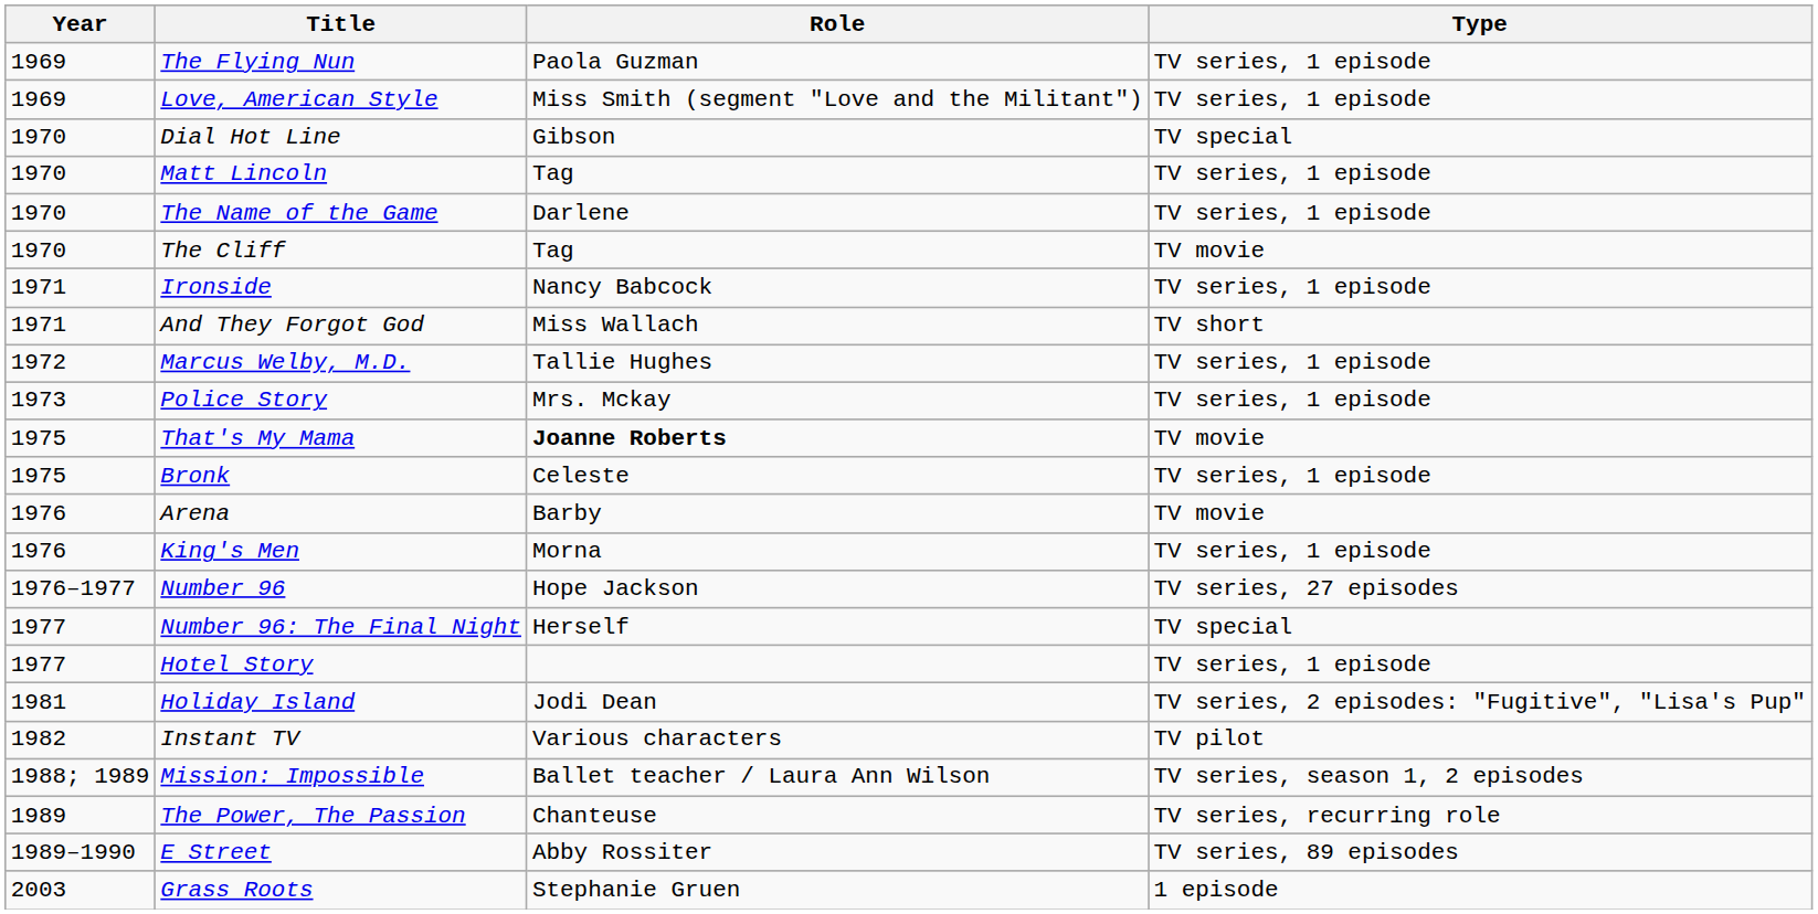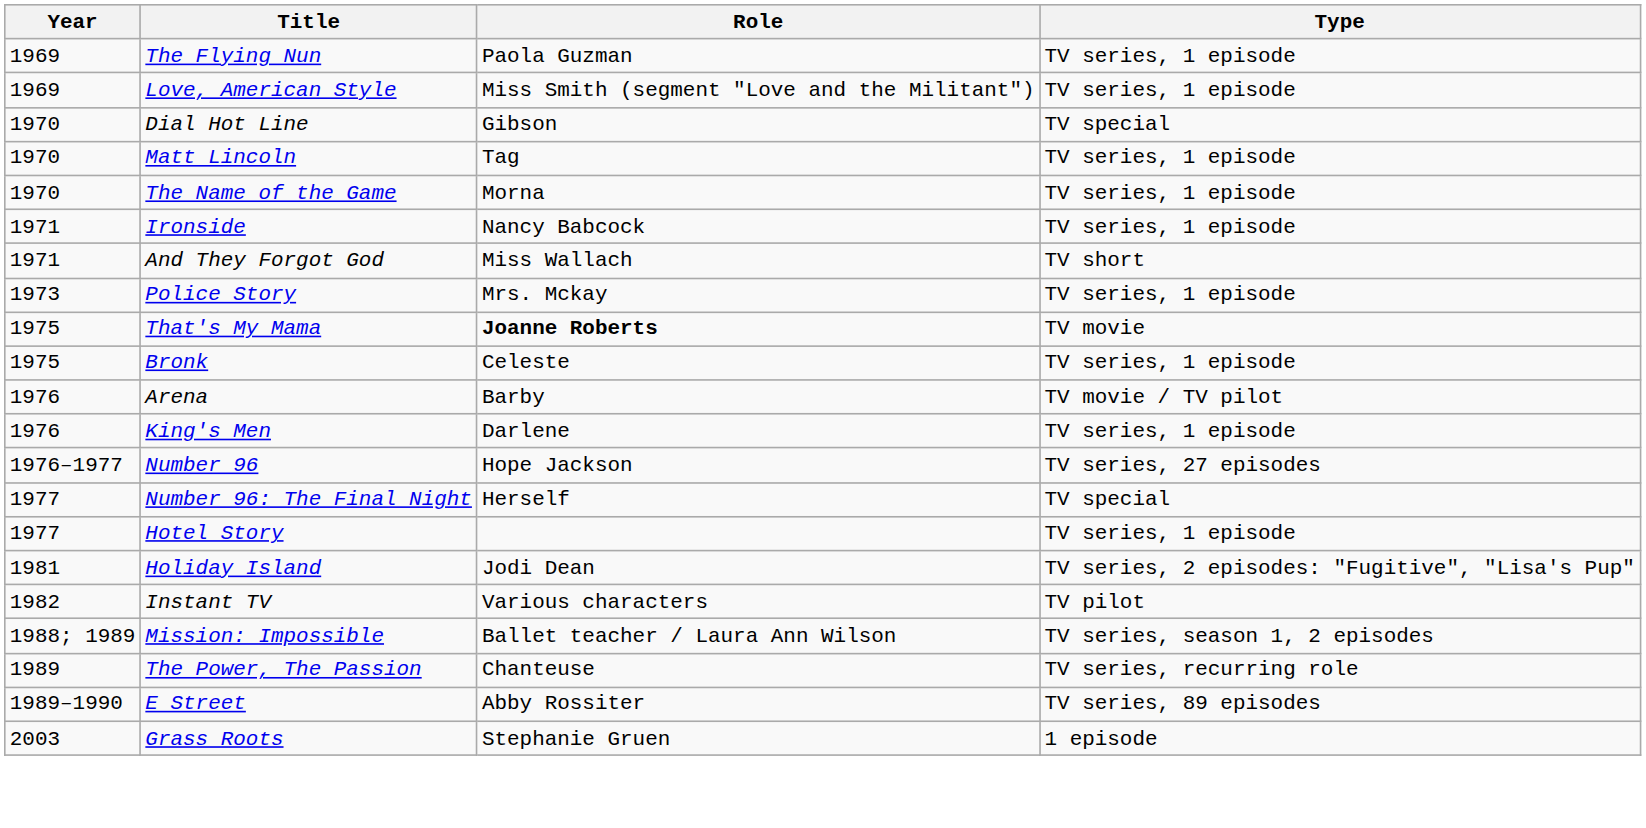 <table class="wikitable">
 <tr>
 <th>Year</th>
 <th>Title</th>
 <th>Role</th>
 <th>Type</th>
 </tr>
 <tr>
 <td>1969</td>
 <td><em><a href='#'>The Flying Nun</a></em></td>
 <td>Paola Guzman</td>
 <td>TV series, 1 episode</td>
 </tr>
 <tr>
 <td>1969</td>
 <td><em><a href='#'>Love, American Style</a></em></td>
 <td>Miss Smith (segment "Love and the Militant")</td>
 <td>TV series, 1 episode</td>
 </tr>
 <tr>
 <td>1970</td>
 <td><em>Dial Hot Line</em></td>
 <td>Gibson</td>
 <td>TV special</td>
 </tr>
 <tr>
 <td>1970</td>
 <td><em><a href='#'>Matt Lincoln</a></em></td>
 <td>Tag</td>
 <td>TV series, 1 episode</td>
 </tr>
 <tr>
 <td>1970</td>
 <td><em><a href='#'>The Name of the Game</a></em></td>
-<td>Darlene</td>
+<td>Morna</td>
 <td>TV series, 1 episode</td>
-</tr>
-<tr>
-<td>1970</td>
-<td><em>The Cliff</em></td>
-<td>Tag</td>
-<td>TV movie</td>
 </tr>
 <tr>
 <td>1971</td>
 <td><em><a href='#'>Ironside</a></em></td>
 <td>Nancy Babcock</td>
 <td>TV series, 1 episode</td>
 </tr>
 <tr>
 <td>1971</td>
 <td><em>And They Forgot God</em></td>
 <td>Miss Wallach</td>
 <td>TV short</td>
-</tr>
-<tr>
-<td>1972</td>
-<td><em><a href='#'>Marcus Welby, M.D.</a></em></td>
-<td>Tallie Hughes</td>
-<td>TV series, 1 episode</td>
 </tr>
 <tr>
 <td>1973</td>
 <td><em><a href='#'>Police Story</a></em></td>
 <td>Mrs. Mckay</td>
 <td>TV series, 1 episode</td>
 </tr>
 <tr>
 <td>1975</td>
 <td><em><a href='#'>That's My Mama</a></em></td>
 <td><strong>Joanne Roberts</strong></td>
 <td>TV movie</td>
 </tr>
 <tr>
 <td>1975</td>
 <td><em><a href='#'>Bronk</a></em></td>
 <td>Celeste</td>
 <td>TV series, 1 episode</td>
 </tr>
 <tr>
 <td>1976</td>
 <td><em>Arena</em></td>
 <td>Barby</td>
-<td>TV movie</td>
+<td>TV movie / TV pilot</td>
 </tr>
 <tr>
 <td>1976</td>
 <td><em><a href='#'>King's Men</a></em></td>
-<td>Morna</td>
+<td>Darlene</td>
 <td>TV series, 1 episode</td>
 </tr>
 <tr>
 <td>1976–1977</td>
 <td><em><a href='#'>Number 96</a></em></td>
 <td>Hope Jackson</td>
 <td>TV series, 27 episodes</td>
 </tr>
 <tr>
 <td>1977</td>
 <td><em><a href='#'>Number 96: The Final Night</a></em></td>
 <td>Herself</td>
 <td>TV special</td>
 </tr>
 <tr>
 <td>1977</td>
 <td><em><a href='#'>Hotel Story</a></em></td>
 <td></td>
 <td>TV series, 1 episode</td>
 </tr>
 <tr>
 <td>1981</td>
 <td><em><a href='#'>Holiday Island</a></em></td>
 <td>Jodi Dean</td>
 <td>TV series, 2 episodes: "Fugitive", "Lisa's Pup"</td>
 </tr>
 <tr>
 <td>1982</td>
 <td><em>Instant TV</em></td>
 <td>Various characters</td>
 <td>TV pilot</td>
 </tr>
 <tr>
 <td>1988; 1989</td>
 <td><em><a href='#'>Mission: Impossible</a></em></td>
 <td>Ballet teacher / Laura Ann Wilson</td>
 <td>TV series, season 1, 2 episodes</td>
 </tr>
 <tr>
 <td>1989</td>
 <td><em><a href='#'>The Power, The Passion</a></em></td>
 <td>Chanteuse</td>
 <td>TV series, recurring role</td>
 </tr>
 <tr>
 <td>1989–1990</td>
 <td><em><a href='#'>E Street</a></em></td>
 <td>Abby Rossiter</td>
 <td>TV series, 89 episodes</td>
 </tr>
 <tr>
 <td>2003</td>
 <td><em><a href='#'>Grass Roots</a></em></td>
 <td>Stephanie Gruen</td>
 <td>1 episode</td>
 </tr>
 </table>
